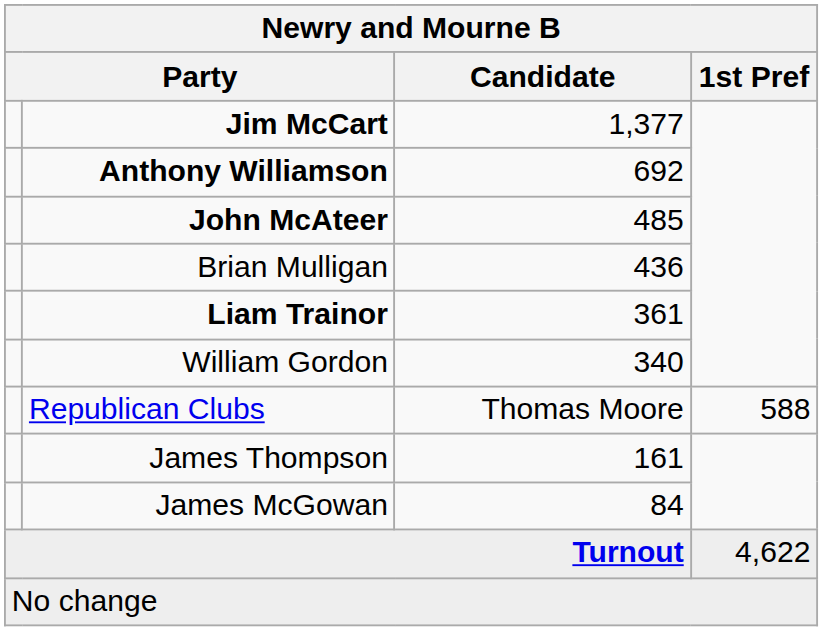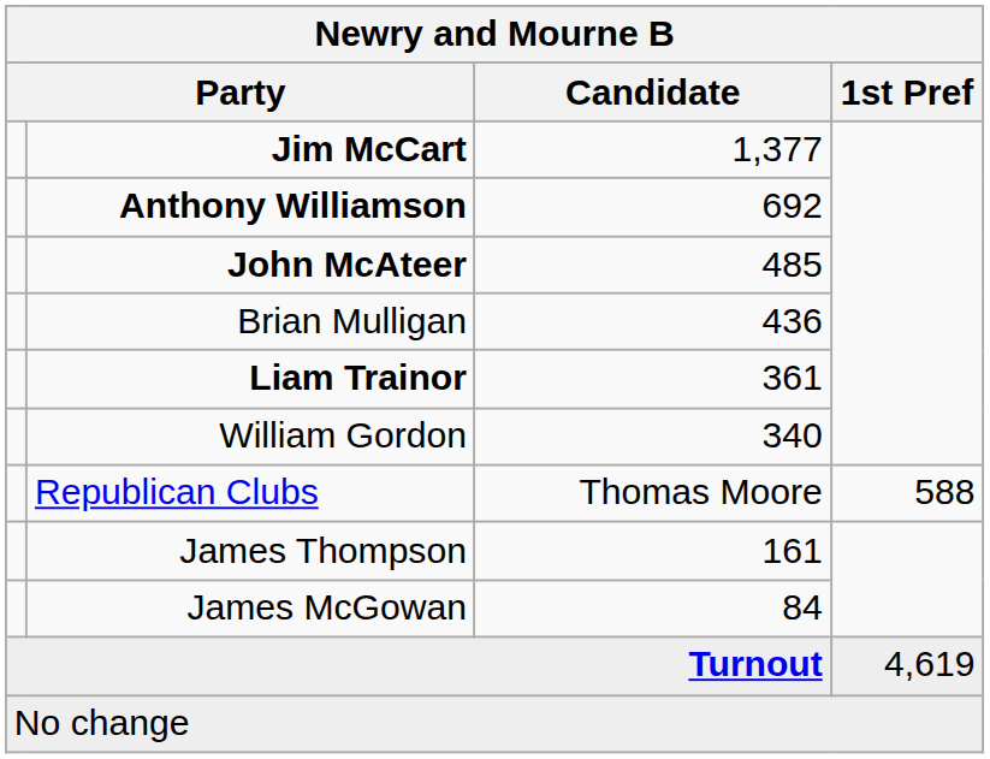 <table class="wikitable">
 <tr>
 <th colspan="4" align="center">Newry and Mourne B</th>
 </tr>
 <tr>
 <th colspan="2" align="center" width=200>Party</th>
 <th width=150>Candidate</th>
 <th width=60>1st Pref</th>
 </tr>
 <tr>
 <td></td>
 <td align="right"><strong>Jim McCart</strong></td>
 <td align="right">1,377</td>
 </tr>
 <tr>
 <td></td>
 <td align="right"><strong>Anthony Williamson</strong></td>
 <td align="right">692</td>
 </tr>
 <tr>
 <td></td>
 <td align="right"><strong>John McAteer</strong></td>
 <td align="right">485</td>
 </tr>
 <tr>
 <td></td>
 <td align="right">Brian Mulligan</td>
 <td align="right">436</td>
 </tr>
 <tr>
 <td></td>
 <td align="right"><strong>Liam Trainor</strong></td>
 <td align="right">361</td>
 </tr>
 <tr>
 <td></td>
 <td align="right">William Gordon</td>
 <td align="right">340</td>
 </tr>
 <tr>
 <td style="background-color: "></td>
 <td><a href='#'>Republican Clubs</a></td>
 <td align="right">Thomas Moore</td>
 <td align="right">588</td>
 </tr>
 <tr>
 <td></td>
 <td align="right">James Thompson</td>
 <td align="right">161</td>
 </tr>
 <tr>
 <td></td>
 <td align="right">James McGowan</td>
 <td align="right">84</td>
 </tr>
 <tr bgcolor="EEEEEE">
 <td colspan=3 align="right"><strong><a href='#'>Turnout</a></strong></td>
-<td align="right">4,622</td>
+<td align="right">4,619</td>
 </tr>
 <tr>
 <td colspan=4 bgcolor="EEEEEE">No change</td>
 </tr>
 </table>
